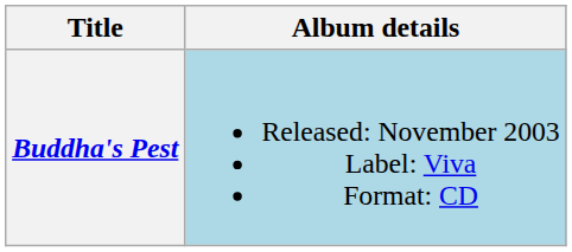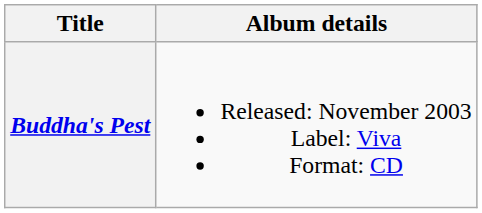 <table class="wikitable plainrowheaders" style="text-align:center;">
 <tr>
 <th scope="col">Title</th>
 <th scope="col">Album details</th>
 </tr>
 <tr>
 <th scope="row"><em><a href='#'>Buddha's Pest</a></em></th>
-<td style="background: lightblue;"><br><ul><li>Released: November 2003</li><li>Label: <a href='#'>Viva</a></li><li>Format: <a href='#'>CD</a></li></ul></td>
+<td><br><ul><li>Released: November 2003</li><li>Label: <a href='#'>Viva</a></li><li>Format: <a href='#'>CD</a></li></ul></td>
 </tr>
 </table>
